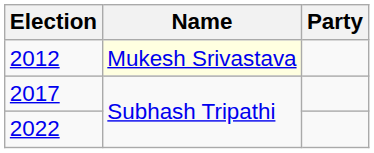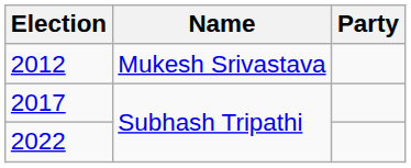 <table class="wikitable sortable">
 <tr>
 <th>Election</th>
 <th>Name</th>
 <th colspan=2>Party</th>
 </tr>
 <tr>
 <td><a href='#'>2012</a></td>
-<td style="background: lightyellow;"><a href='#'>Mukesh Srivastava</a></td>
+<td><a href='#'>Mukesh Srivastava</a></td>
 <td></td>
 </tr>
 <tr>
 <td><a href='#'>2017</a></td>
 <td rowspan=2><a href='#'>Subhash Tripathi</a></td>
 <td></td>
 </tr>
 <tr>
 <td><a href='#'>2022</a></td>
 </tr>
 </table>
